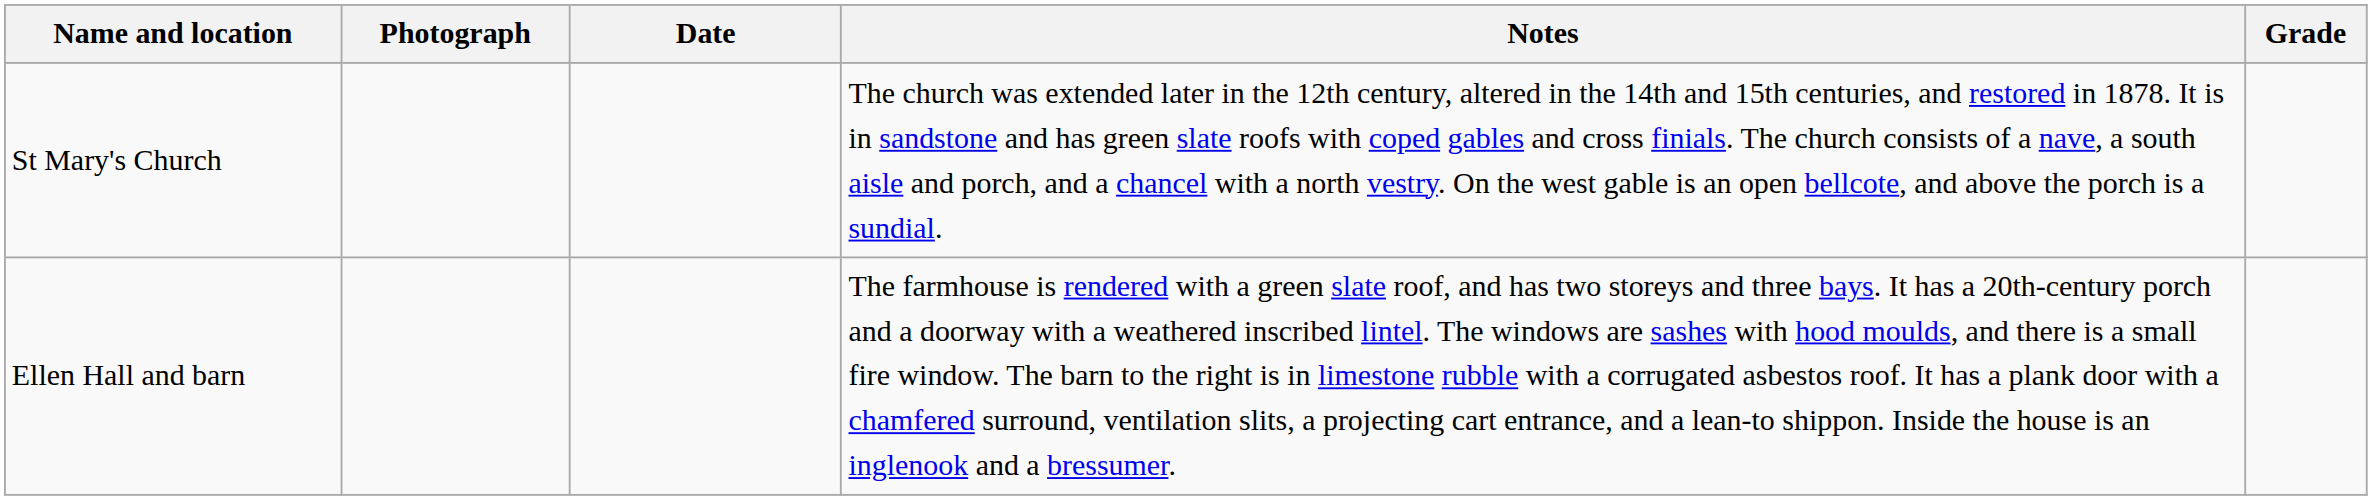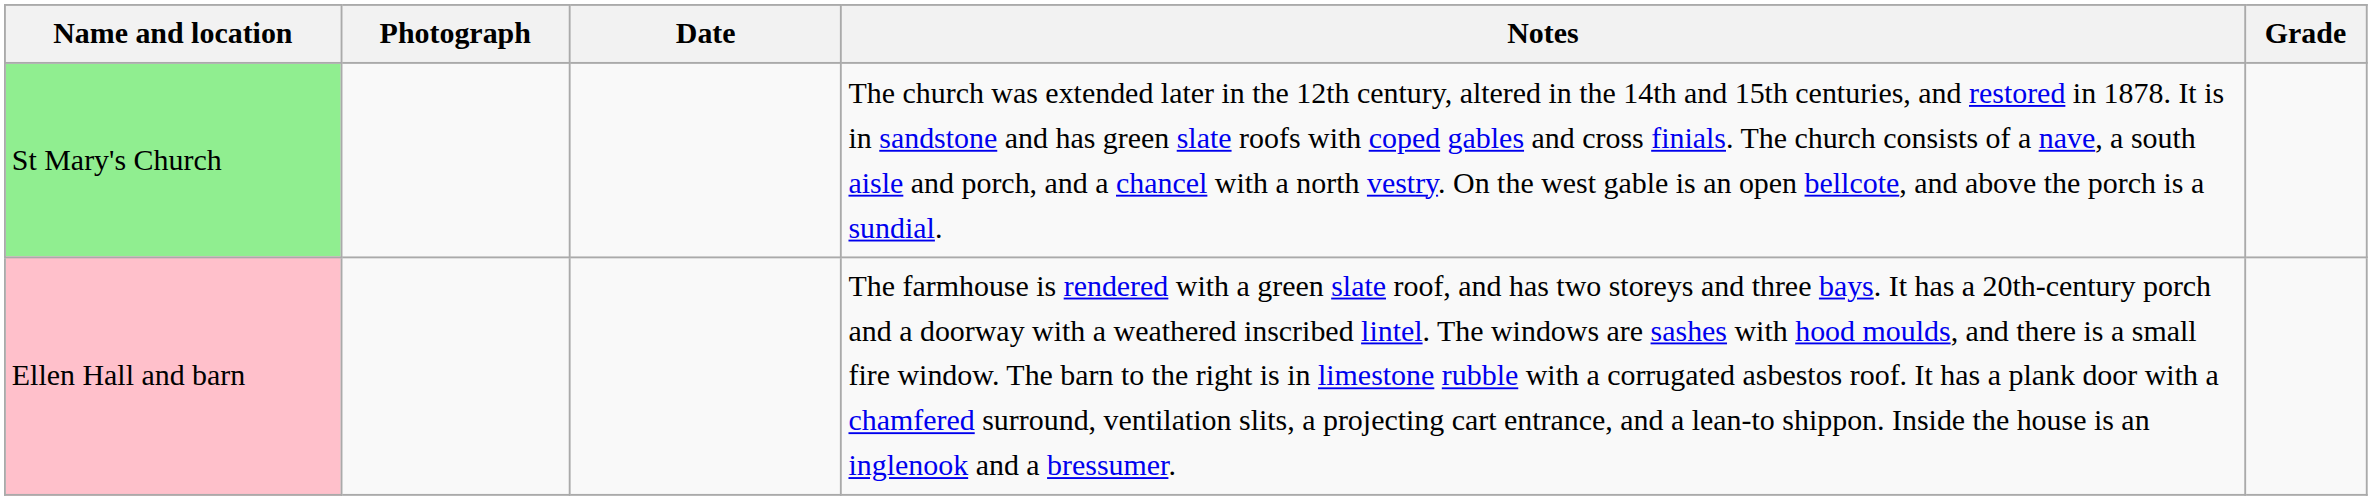 <table class="wikitable sortable plainrowheaders" style="width:100%; border:0; text-align:left; line-height:150%;">
 <tr>
 <th scope="col"  style="width:150px">Name and location</th>
 <th scope="col"  style="width:100px" class="unsortable">Photograph</th>
 <th scope="col"  style="width:120px">Date</th>
 <th scope="col"  style="width:650px" class="unsortable">Notes</th>
 <th scope="col"  style="width:50px">Grade</th>
 </tr>
 <tr>
-<td>St Mary's Church<br><small></small></td>
+<td style="background: lightgreen;">St Mary's Church<br><small></small></td>
 <td></td>
 <td style="text-align:center;"></td>
 <td>The church was extended later in the 12th century, altered in the 14th and 15th centuries, and <a href='#'>restored</a> in 1878.  It is in <a href='#'>sandstone</a> and has green <a href='#'>slate</a> roofs with <a href='#'>coped</a> <a href='#'>gables</a> and cross <a href='#'>finials</a>.  The church consists of a <a href='#'>nave</a>, a south <a href='#'>aisle</a> and porch, and a <a href='#'>chancel</a> with a north <a href='#'>vestry</a>.  On the west gable is an open <a href='#'>bellcote</a>, and above the porch is a <a href='#'>sundial</a>.</td>
 <td align="center" ></td>
 </tr>
 <tr>
-<td>Ellen Hall and barn<br><small></small></td>
+<td style="background: pink;">Ellen Hall and barn<br><small></small></td>
 <td></td>
 <td style="text-align:center;"></td>
 <td>The farmhouse is <a href='#'>rendered</a> with a green <a href='#'>slate</a> roof, and has two storeys and three <a href='#'>bays</a>.  It has a 20th-century porch and a doorway with a weathered inscribed <a href='#'>lintel</a>.  The windows are <a href='#'>sashes</a> with <a href='#'>hood moulds</a>, and there is a small fire window.  The barn to the right is in <a href='#'>limestone</a> <a href='#'>rubble</a> with a corrugated asbestos roof.  It has a plank door with a <a href='#'>chamfered</a> surround, ventilation slits, a projecting cart entrance, and a lean-to shippon.  Inside the house is an <a href='#'>inglenook</a> and a <a href='#'>bressumer</a>.</td>
 <td align="center" ></td>
 </tr>
 <tr>
 </tr>
 </table>
